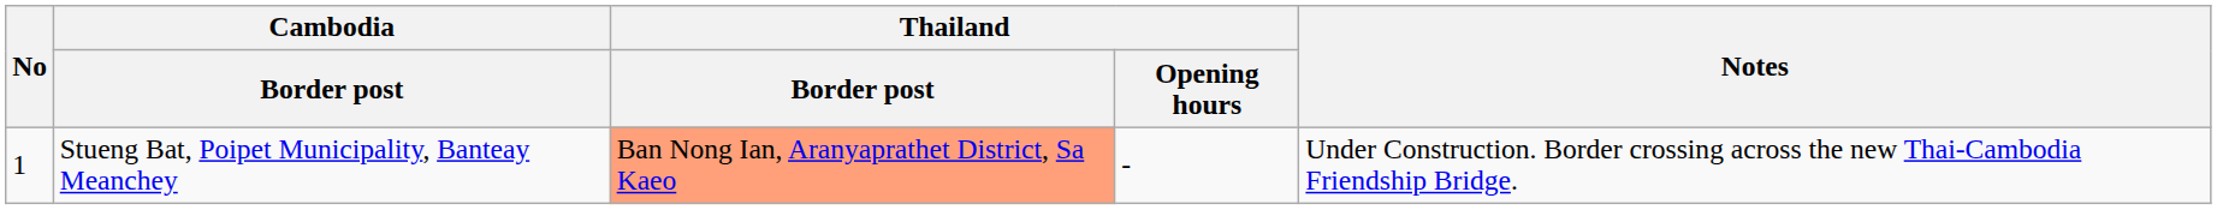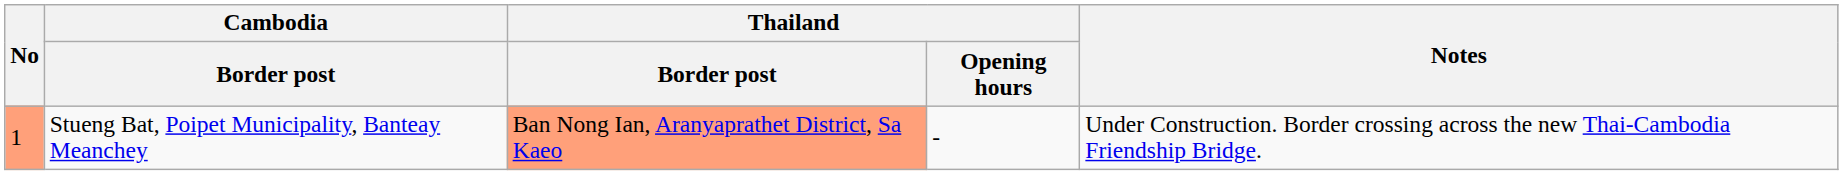 <table class="wikitable">
 <tr>
 <th rowspan="2">No</th>
 <th>Cambodia</th>
 <th colspan="2">Thailand</th>
 <th rowspan="2">Notes</th>
 </tr>
 <tr>
 <th>Border post</th>
 <th>Border post</th>
 <th>Opening hours</th>
 </tr>
 <tr>
-<td>1</td>
+<td style="background: lightsalmon;">1</td>
 <td>Stueng Bat, <a href='#'>Poipet Municipality</a>, <a href='#'>Banteay Meanchey</a></td>
 <td style="background: lightsalmon;">Ban Nong Ian, <a href='#'>Aranyaprathet District</a>, <a href='#'>Sa Kaeo</a></td>
 <td>-</td>
 <td>Under Construction. Border crossing across the new <a href='#'>Thai-Cambodia Friendship Bridge</a>.</td>
 </tr>
 </table>
